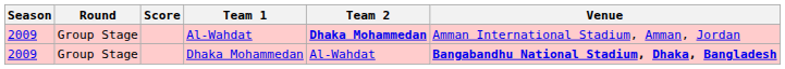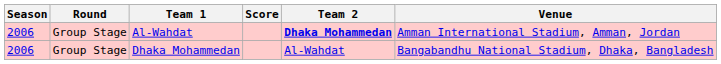 <table class="wikitable">
 <tr>
 <th>Season</th>
 <th>Round</th>
+<th>Team 1</th>
 <th>Score</th>
-<th>Team 1</th>
 <th>Team 2</th>
 <th>Venue</th>
 </tr>
 <tr style="background:#FFCCCC;">
-<td><a href='#'>2009</a></td>
+<td><a href='#'>2006</a></td>
 <td>Group Stage</td>
+<td> <a href='#'>Al-Wahdat</a></td>
 <td></td>
-<td> <a href='#'>Al-Wahdat</a></td>
 <td><strong> <a href='#'>Dhaka Mohammedan</a></strong></td>
 <td><a href='#'>Amman International Stadium</a>, <a href='#'>Amman</a>, <a href='#'>Jordan</a></td>
 </tr>
 <tr style="background:#FFCCCC;">
-<td><a href='#'>2009</a></td>
+<td><a href='#'>2006</a></td>
 <td>Group Stage</td>
+<td> <a href='#'>Dhaka Mohammedan</a></td>
 <td></td>
-<td> <a href='#'>Dhaka Mohammedan</a></td>
 <td> <a href='#'>Al-Wahdat</a></td>
-<td><strong><a href='#'>Bangabandhu National Stadium</a>, <a href='#'>Dhaka</a>, <a href='#'>Bangladesh</a></strong></td>
+<td><a href='#'>Bangabandhu National Stadium</a>, <a href='#'>Dhaka</a>, <a href='#'>Bangladesh</a></td>
 </tr>
 </table>
